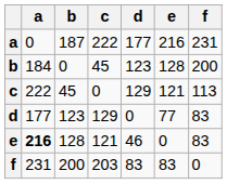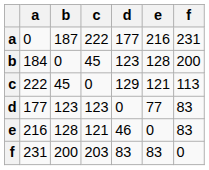 <table class="wikitable">
 <tr>
 <th></th>
 <th>a</th>
 <th>b</th>
 <th>c</th>
 <th>d</th>
 <th>e</th>
 <th>f</th>
 </tr>
 <tr>
 <th>a</th>
 <td>0</td>
 <td>187</td>
 <td>222</td>
 <td>177</td>
 <td>216</td>
 <td>231</td>
 </tr>
 <tr>
 <th>b</th>
 <td>184</td>
 <td>0</td>
 <td>45</td>
 <td>123</td>
 <td>128</td>
 <td>200</td>
 </tr>
 <tr>
 <th>c</th>
 <td>222</td>
 <td>45</td>
 <td>0</td>
 <td>129</td>
 <td>121</td>
 <td>113</td>
 </tr>
 <tr>
 <th>d</th>
 <td>177</td>
 <td>123</td>
-<td>129</td>
+<td>123</td>
 <td>0</td>
 <td>77</td>
 <td>83</td>
 </tr>
 <tr>
 <th>e</th>
-<td><strong>216</strong></td>
+<td>216</td>
 <td>128</td>
 <td>121</td>
 <td>46</td>
 <td>0</td>
 <td>83</td>
 </tr>
 <tr>
 <th>f</th>
 <td>231</td>
 <td>200</td>
 <td>203</td>
 <td>83</td>
 <td>83</td>
 <td>0</td>
 </tr>
 </table>
